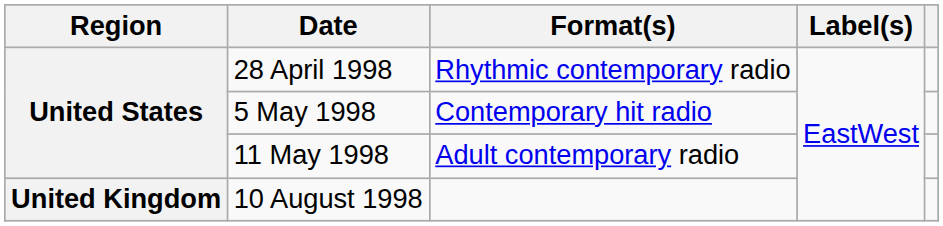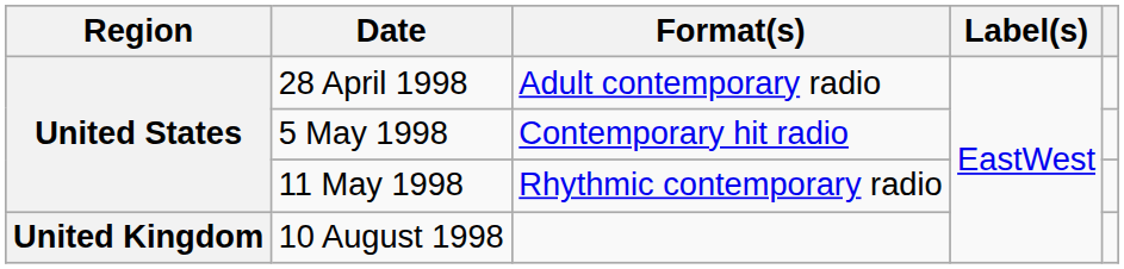 <table class="wikitable plainrowheaders">
 <tr>
 <th scope="col">Region</th>
 <th scope="col">Date</th>
 <th scope="col">Format(s)</th>
 <th scope="col">Label(s)</th>
 <th scope="col"></th>
 </tr>
 <tr>
 <th scope="row" rowspan="3">United States</th>
 <td>28 April 1998</td>
-<td><a href='#'>Rhythmic contemporary</a> radio</td>
+<td><a href='#'>Adult contemporary</a> radio</td>
 <td rowspan="4"><a href='#'>EastWest</a></td>
 <td align="center"></td>
 </tr>
 <tr>
 <td>5 May 1998</td>
 <td><a href='#'>Contemporary hit radio</a></td>
 <td align="center"></td>
 </tr>
 <tr>
 <td>11 May 1998</td>
-<td><a href='#'>Adult contemporary</a> radio</td>
+<td><a href='#'>Rhythmic contemporary</a> radio</td>
 <td align="center"></td>
 </tr>
 <tr>
 <th scope="row">United Kingdom</th>
 <td>10 August 1998</td>
 <td></td>
 <td align="center"></td>
 </tr>
 </table>
